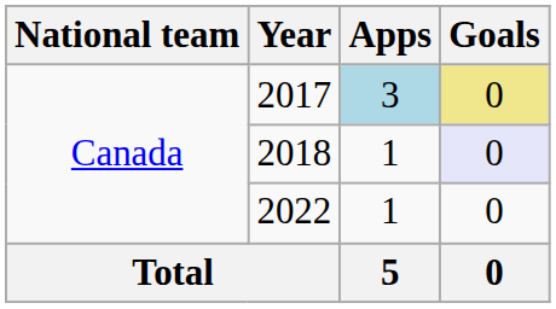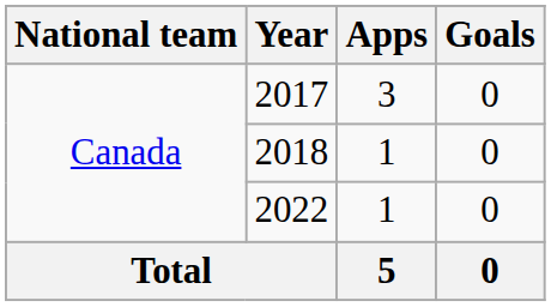 <table class="wikitable" style="text-align:center">
 <tr>
 <th>National team</th>
 <th>Year</th>
 <th>Apps</th>
 <th>Goals</th>
 </tr>
 <tr>
 <td rowspan=3><a href='#'>Canada</a></td>
 <td>2017</td>
-<td style="background: lightblue;">3</td>
-<td style="background: khaki;">0</td>
+<td>3</td>
+<td>0</td>
 </tr>
 <tr>
 <td>2018</td>
 <td>1</td>
-<td style="background: lavender;">0</td>
+<td>0</td>
 </tr>
 <tr>
 <td>2022</td>
 <td>1</td>
 <td>0</td>
 </tr>
 <tr>
 <th colspan=2>Total</th>
 <th>5</th>
 <th>0</th>
 </tr>
 </table>
